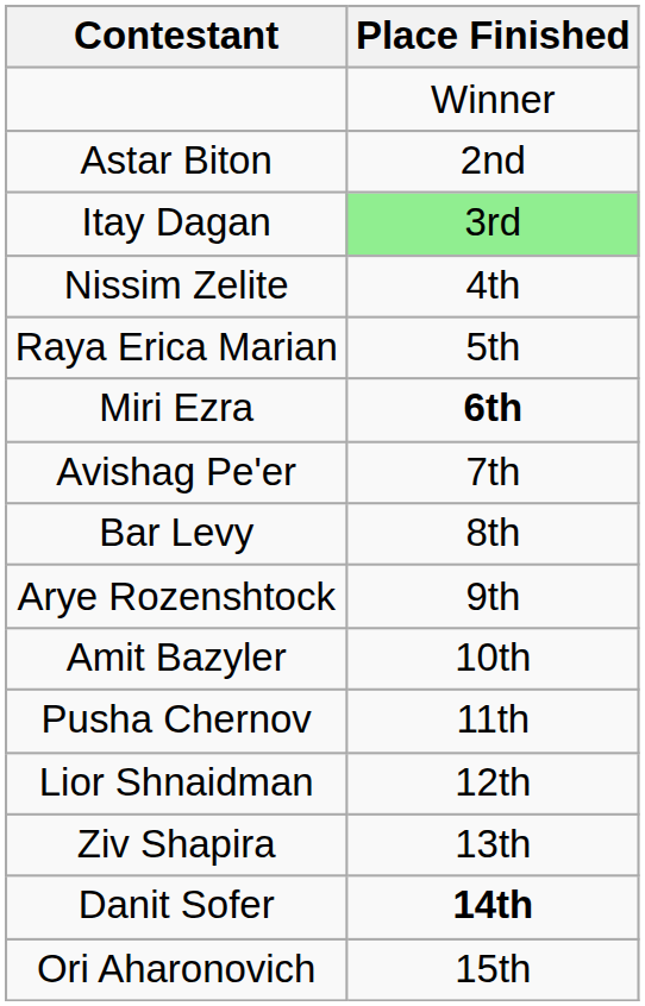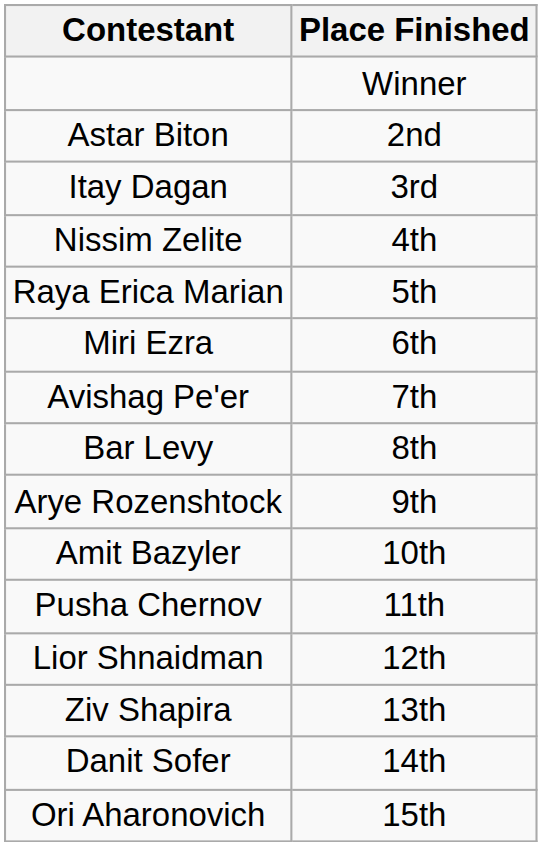 <table class="wikitable" style="text-align:center">
 <tr>
 <th>Contestant</th>
 <th>Place Finished</th>
 </tr>
 <tr>
 <td></td>
 <td>Winner</td>
 </tr>
 <tr>
 <td>Astar Biton</td>
 <td>2nd</td>
 </tr>
 <tr>
 <td>Itay Dagan</td>
-<td style="background: lightgreen;">3rd</td>
+<td>3rd</td>
 </tr>
 <tr>
 <td>Nissim Zelite</td>
 <td>4th</td>
 </tr>
 <tr>
 <td>Raya Erica Marian</td>
 <td>5th</td>
 </tr>
 <tr>
 <td>Miri Ezra</td>
-<td><strong>6th</strong></td>
+<td>6th</td>
 </tr>
 <tr>
 <td>Avishag Pe'er</td>
 <td>7th</td>
 </tr>
 <tr>
 <td>Bar Levy</td>
 <td>8th</td>
 </tr>
 <tr>
 <td>Arye Rozenshtock</td>
 <td>9th</td>
 </tr>
 <tr>
 <td>Amit Bazyler</td>
 <td>10th</td>
 </tr>
 <tr>
 <td>Pusha Chernov</td>
 <td>11th</td>
 </tr>
 <tr>
 <td>Lior Shnaidman</td>
 <td>12th</td>
 </tr>
 <tr>
 <td>Ziv Shapira</td>
 <td>13th</td>
 </tr>
 <tr>
 <td>Danit Sofer</td>
-<td><strong>14th</strong></td>
+<td>14th</td>
 </tr>
 <tr>
 <td>Ori Aharonovich</td>
 <td>15th</td>
 </tr>
 </table>
